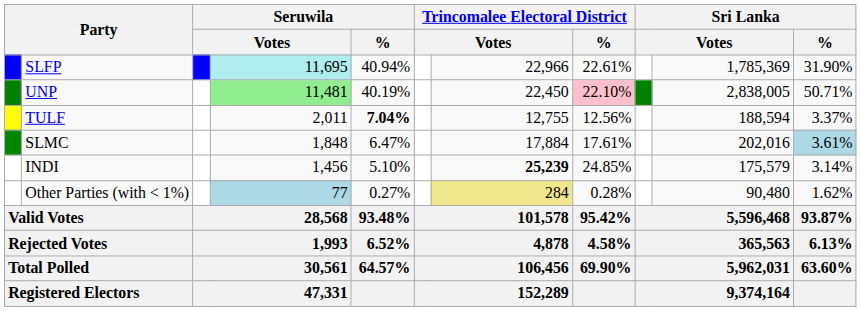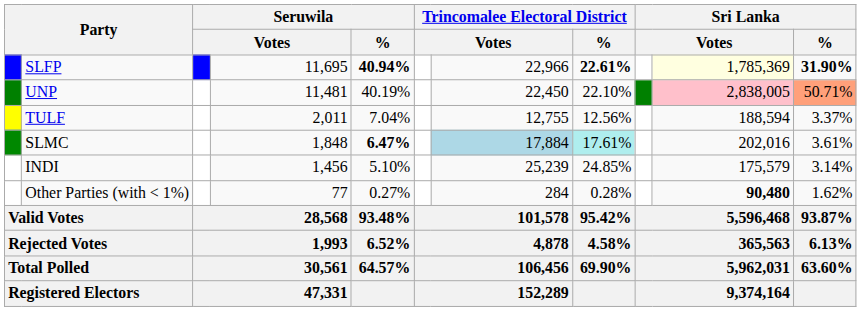 <table class="wikitable">
 <tr>
 <th colspan="2" width="144px"rowspan="2">Party</th>
 <th colspan="3" width="216px">Seruwila</th>
 <th colspan="3" width="216px"><a href='#'>Trincomalee Electoral District</a></th>
 <th colspan="3" width="216px">Sri Lanka</th>
 </tr>
 <tr>
 <th colspan="2" width="144px">Votes</th>
 <th>%</th>
 <th colspan="2" width="144px">Votes</th>
 <th>%</th>
 <th colspan="2" width="144px">Votes</th>
 <th>%</th>
 </tr>
 <tr>
 <td style="background-color:blue;" width="10px"></td>
 <td style="text-align:left;"><a href='#'>SLFP</a></td>
 <td style="background-color:blue;" width="10px"></td>
-<td style="background: paleturquoise; text-align:right;">11,695</td>
-<td style="text-align:right;">40.94%</td>
+<td style="text-align:right;">11,695</td>
+<td style="text-align:right;"><strong>40.94%</strong></td>
 <td style="background-color:white;" width="10px"></td>
 <td style="text-align:right;">22,966</td>
-<td style="text-align:right;">22.61%</td>
+<td style="text-align:right;"><strong>22.61%</strong></td>
 <td style="background-color:white;" width="10px"></td>
-<td style="text-align:right;">1,785,369</td>
-<td style="text-align:right;">31.90%</td>
+<td style="background: lightyellow; text-align:right;">1,785,369</td>
+<td style="text-align:right;"><strong>31.90%</strong></td>
 </tr>
 <tr>
 <td style="background-color:green;" width="10px"></td>
 <td style="text-align:left;"><a href='#'>UNP</a></td>
 <td style="background-color:white;" width="10px"></td>
-<td style="background: lightgreen; text-align:right;">11,481</td>
+<td style="text-align:right;">11,481</td>
 <td style="text-align:right;">40.19%</td>
 <td style="background-color:white;" width="10px"></td>
 <td style="text-align:right;">22,450</td>
-<td style="background: pink; text-align:right;">22.10%</td>
+<td style="text-align:right;">22.10%</td>
 <td style="background-color:green;" width="10px"></td>
-<td style="text-align:right;">2,838,005</td>
-<td style="text-align:right;">50.71%</td>
+<td style="background: pink; text-align:right;">2,838,005</td>
+<td style="background: lightsalmon; text-align:right;">50.71%</td>
 </tr>
 <tr>
 <td style="background-color:yellow;" width="10px"></td>
 <td style="text-align:left;"><a href='#'>TULF</a></td>
 <td style="background-color:white;" width="10px"></td>
 <td style="text-align:right;">2,011</td>
-<td style="text-align:right;"><strong>7.04%</strong></td>
+<td style="text-align:right;">7.04%</td>
 <td style="background-color:white;" width="10px"></td>
 <td style="text-align:right;">12,755</td>
 <td style="text-align:right;">12.56%</td>
 <td style="background-color:white;" width="10px"></td>
 <td style="text-align:right;">188,594</td>
 <td style="text-align:right;">3.37%</td>
 </tr>
 <tr>
 <td style="background-color:#008800;" width="10px"></td>
 <td style="text-align:left;">SLMC</td>
 <td style="background-color:white;" width="10px"></td>
 <td style="text-align:right;">1,848</td>
-<td style="text-align:right;">6.47%</td>
+<td style="text-align:right;"><strong>6.47%</strong></td>
 <td style="background-color:white;" width="10px"></td>
-<td style="text-align:right;">17,884</td>
-<td style="text-align:right;">17.61%</td>
+<td style="background: lightblue; text-align:right;">17,884</td>
+<td style="background: paleturquoise; text-align:right;">17.61%</td>
 <td style="background-color:white;" width="10px"></td>
 <td style="text-align:right;">202,016</td>
-<td style="background: lightblue; text-align:right;">3.61%</td>
+<td style="text-align:right;">3.61%</td>
 </tr>
 <tr>
 <td style="background-color:white;" width="10px"></td>
 <td style="text-align:left;">INDI</td>
 <td style="background-color:white;" width="10px"></td>
 <td style="text-align:right;">1,456</td>
 <td style="text-align:right;">5.10%</td>
 <td style="background-color:white;" width="10px"></td>
-<td style="text-align:right;"><strong>25,239</strong></td>
+<td style="text-align:right;">25,239</td>
 <td style="text-align:right;">24.85%</td>
 <td style="background-color:white;" width="10px"></td>
 <td style="text-align:right;">175,579</td>
 <td style="text-align:right;">3.14%</td>
 </tr>
 <tr>
 <td style="background-color:white;" width="10px"></td>
 <td style="text-align:left;">Other Parties (with < 1%)</td>
 <td style="background-color:white;" width="10px"></td>
-<td style="background: lightblue; text-align:right;">77</td>
+<td style="text-align:right;">77</td>
 <td style="text-align:right;">0.27%</td>
 <td style="background-color:white;" width="10px"></td>
-<td style="background: khaki; text-align:right;">284</td>
+<td style="text-align:right;">284</td>
 <td style="text-align:right;">0.28%</td>
 <td style="background-color:white;" width="10px"></td>
-<td style="text-align:right;">90,480</td>
+<td style="text-align:right;"><strong>90,480</strong></td>
 <td style="text-align:right;">1.62%</td>
 </tr>
 <tr>
 <th colspan="2" width="144px"style="text-align:left;">Valid Votes</th>
 <th style="text-align:right;"colspan="2" width="144px">28,568</th>
 <th style="text-align:right;">93.48%</th>
 <th style="text-align:right;"colspan="2" width="144px">101,578</th>
 <th style="text-align:right;">95.42%</th>
 <th style="text-align:right;"colspan="2" width="144px">5,596,468</th>
 <th style="text-align:right;">93.87%</th>
 </tr>
 <tr>
 <th colspan="2" width="144px"style="text-align:left;">Rejected Votes</th>
 <th style="text-align:right;"colspan="2" width="144px">1,993</th>
 <th style="text-align:right;">6.52%</th>
 <th style="text-align:right;"colspan="2" width="144px">4,878</th>
 <th style="text-align:right;">4.58%</th>
 <th style="text-align:right;"colspan="2" width="144px">365,563</th>
 <th style="text-align:right;">6.13%</th>
 </tr>
 <tr>
 <th colspan="2" width="144px"style="text-align:left;">Total Polled</th>
 <th style="text-align:right;"colspan="2" width="144px">30,561</th>
 <th style="text-align:right;">64.57%</th>
 <th style="text-align:right;"colspan="2" width="144px">106,456</th>
 <th style="text-align:right;">69.90%</th>
 <th style="text-align:right;"colspan="2" width="144px">5,962,031</th>
 <th style="text-align:right;">63.60%</th>
 </tr>
 <tr>
 <th colspan="2" width="144px"style="text-align:left;">Registered Electors</th>
 <th style="text-align:right;"colspan="2" width="144px">47,331</th>
 <th></th>
 <th style="text-align:right;"colspan="2" width="144px">152,289</th>
 <th></th>
 <th style="text-align:right;"colspan="2" width="144px">9,374,164</th>
 <th></th>
 </tr>
 </table>
